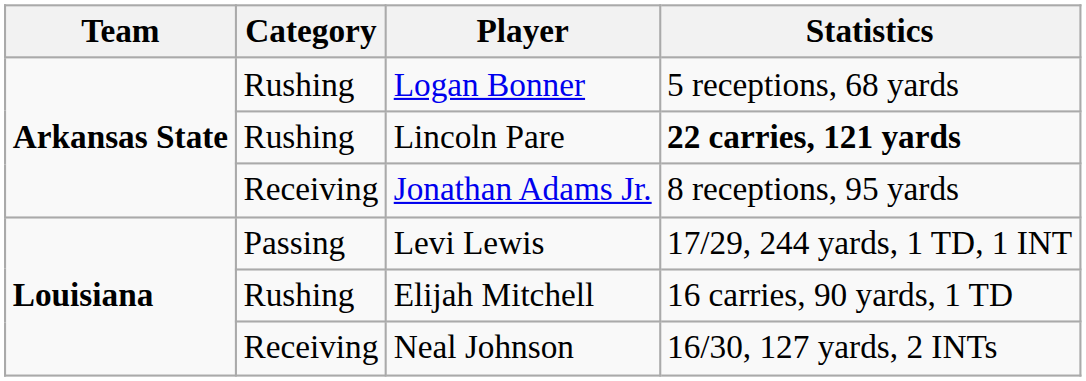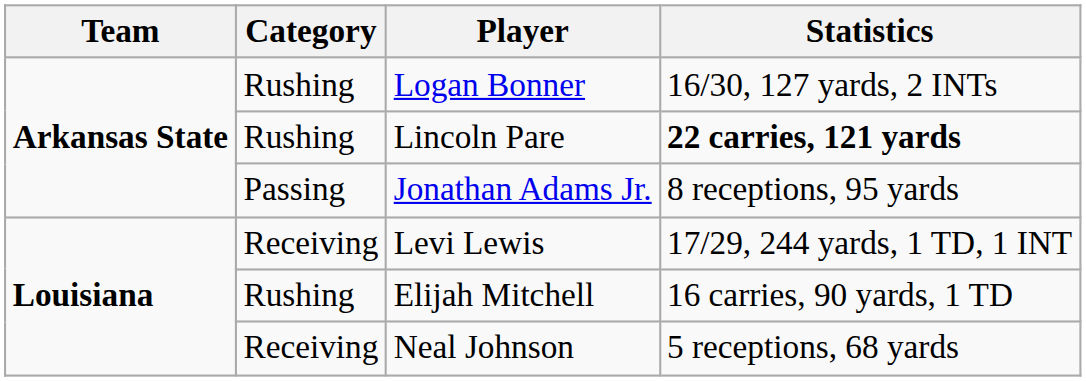 <table class="wikitable" style="float: left;">
 <tr>
 <th>Team</th>
 <th>Category</th>
 <th>Player</th>
 <th>Statistics</th>
 </tr>
 <tr>
 <td rowspan=3><strong>Arkansas State</strong></td>
 <td>Rushing</td>
 <td><a href='#'>Logan Bonner</a></td>
-<td>5 receptions, 68 yards</td>
+<td>16/30, 127 yards, 2 INTs</td>
 </tr>
 <tr>
 <td>Rushing</td>
 <td>Lincoln Pare</td>
 <td><strong>22 carries, 121 yards</strong></td>
 </tr>
 <tr>
-<td>Receiving</td>
+<td>Passing</td>
 <td><a href='#'>Jonathan Adams Jr.</a></td>
 <td>8 receptions, 95 yards</td>
 </tr>
 <tr>
 <td rowspan=3><strong>Louisiana</strong></td>
-<td>Passing</td>
+<td>Receiving</td>
 <td>Levi Lewis</td>
 <td>17/29, 244 yards, 1 TD, 1 INT</td>
 </tr>
 <tr>
 <td>Rushing</td>
 <td>Elijah Mitchell</td>
 <td>16 carries, 90 yards, 1 TD</td>
 </tr>
 <tr>
 <td>Receiving</td>
 <td>Neal Johnson</td>
-<td>16/30, 127 yards, 2 INTs</td>
+<td>5 receptions, 68 yards</td>
 </tr>
 </table>
